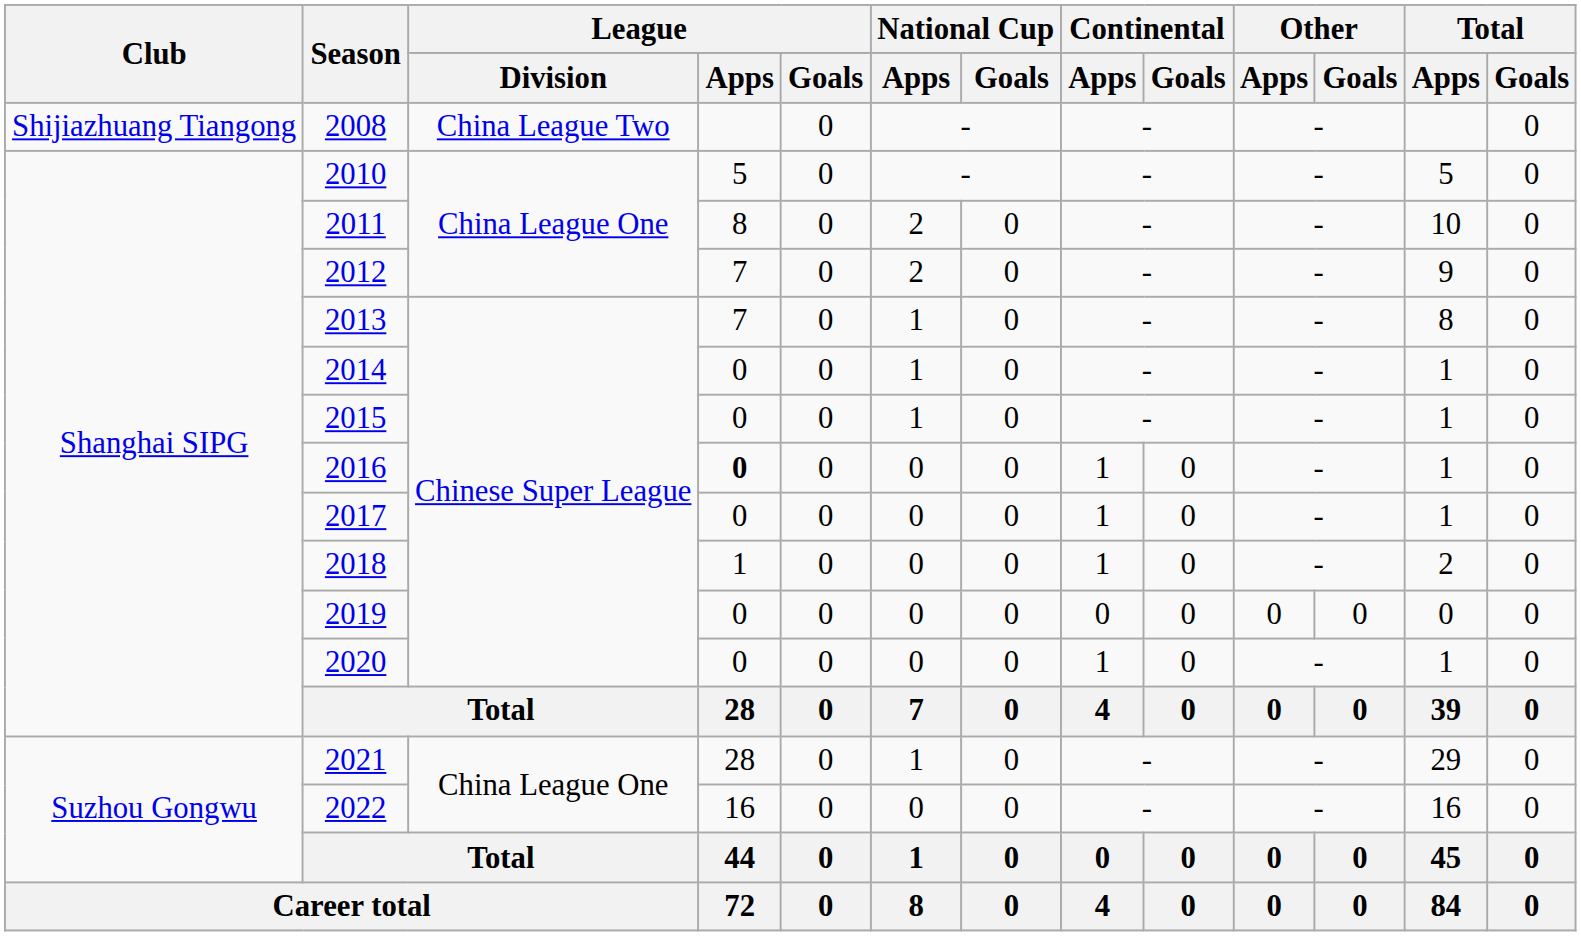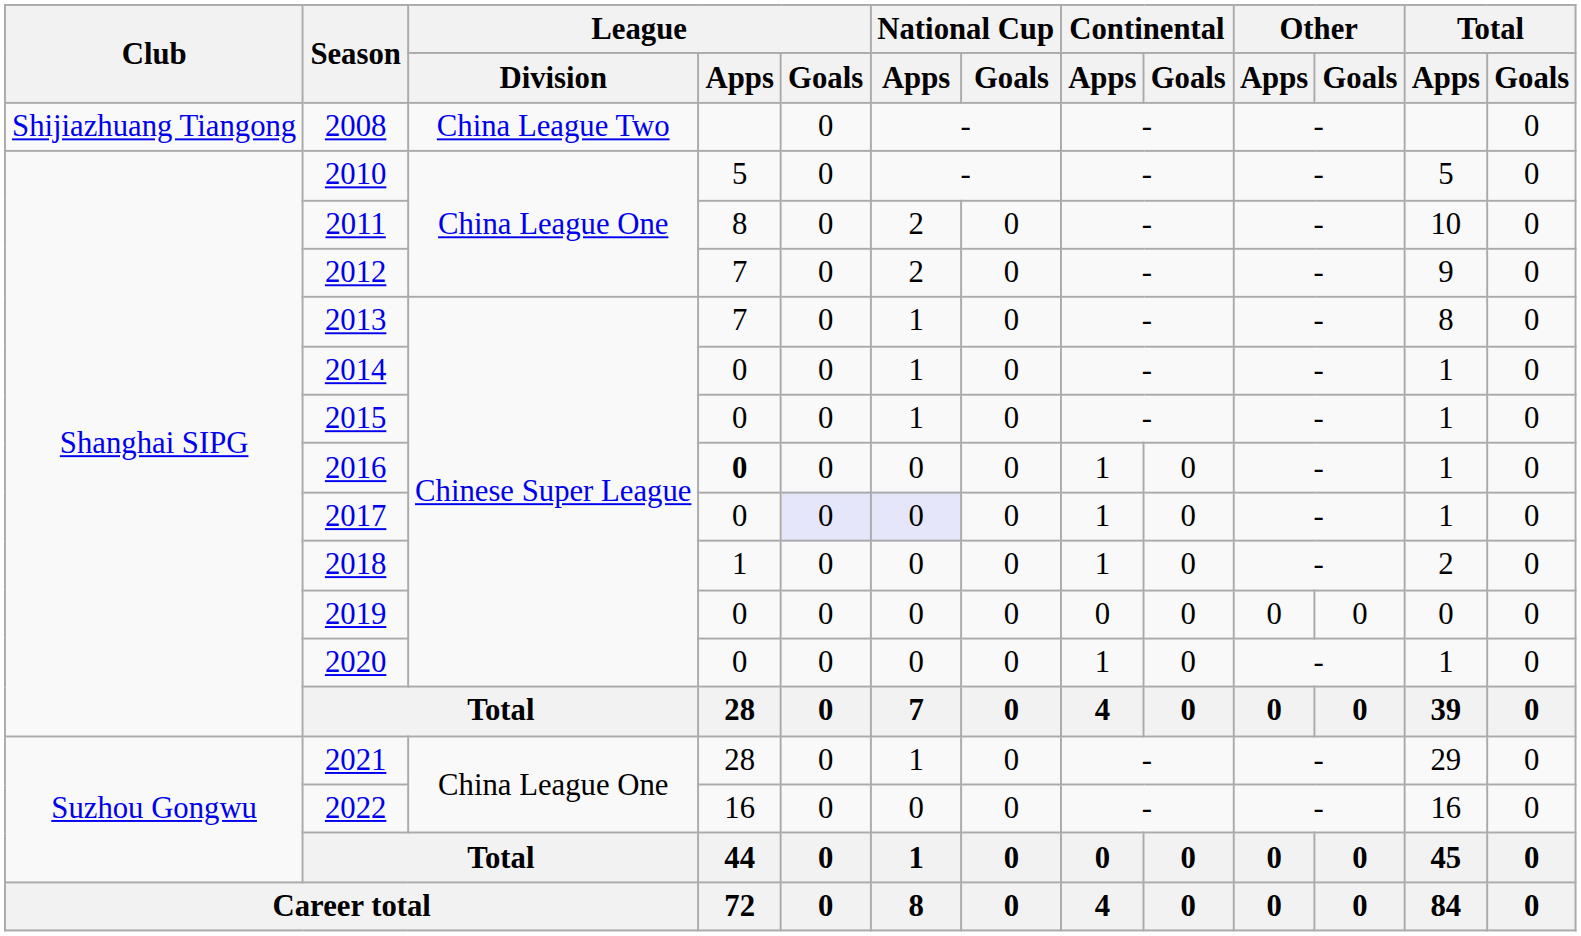 <table class="wikitable" style="text-align: center">
 <tr>
 <th rowspan="2">Club</th>
 <th rowspan="2">Season</th>
 <th colspan="3">League</th>
 <th colspan="2">National Cup</th>
 <th colspan="2">Continental</th>
 <th colspan="2">Other</th>
 <th colspan="2">Total</th>
 </tr>
 <tr>
 <th>Division</th>
 <th>Apps</th>
 <th>Goals</th>
 <th>Apps</th>
 <th>Goals</th>
 <th>Apps</th>
 <th>Goals</th>
 <th>Apps</th>
 <th>Goals</th>
 <th>Apps</th>
 <th>Goals</th>
 </tr>
 <tr>
 <td><a href='#'>Shijiazhuang Tiangong</a></td>
 <td><a href='#'>2008</a></td>
 <td><a href='#'>China League Two</a></td>
 <td></td>
 <td>0</td>
 <td colspan="2">-</td>
 <td colspan="2">-</td>
 <td colspan="2">-</td>
 <td></td>
 <td>0</td>
 </tr>
 <tr>
 <td rowspan="12"><a href='#'>Shanghai SIPG</a></td>
 <td><a href='#'>2010</a></td>
 <td rowspan="3"><a href='#'>China League One</a></td>
 <td>5</td>
 <td>0</td>
 <td colspan="2">-</td>
 <td colspan="2">-</td>
 <td colspan="2">-</td>
 <td>5</td>
 <td>0</td>
 </tr>
 <tr>
 <td><a href='#'>2011</a></td>
 <td>8</td>
 <td>0</td>
 <td>2</td>
 <td>0</td>
 <td colspan="2">-</td>
 <td colspan="2">-</td>
 <td>10</td>
 <td>0</td>
 </tr>
 <tr>
 <td><a href='#'>2012</a></td>
 <td>7</td>
 <td>0</td>
 <td>2</td>
 <td>0</td>
 <td colspan="2">-</td>
 <td colspan="2">-</td>
 <td>9</td>
 <td>0</td>
 </tr>
 <tr>
 <td><a href='#'>2013</a></td>
 <td rowspan=8><a href='#'>Chinese Super League</a></td>
 <td>7</td>
 <td>0</td>
 <td>1</td>
 <td>0</td>
 <td colspan="2">-</td>
 <td colspan="2">-</td>
 <td>8</td>
 <td>0</td>
 </tr>
 <tr>
 <td><a href='#'>2014</a></td>
 <td>0</td>
 <td>0</td>
 <td>1</td>
 <td>0</td>
 <td colspan="2">-</td>
 <td colspan="2">-</td>
 <td>1</td>
 <td>0</td>
 </tr>
 <tr>
 <td><a href='#'>2015</a></td>
 <td>0</td>
 <td>0</td>
 <td>1</td>
 <td>0</td>
 <td colspan="2">-</td>
 <td colspan="2">-</td>
 <td>1</td>
 <td>0</td>
 </tr>
 <tr>
 <td><a href='#'>2016</a></td>
 <td><strong>0</strong></td>
 <td>0</td>
 <td>0</td>
 <td>0</td>
 <td>1</td>
 <td>0</td>
 <td colspan="2">-</td>
 <td>1</td>
 <td>0</td>
 </tr>
 <tr>
 <td><a href='#'>2017</a></td>
 <td>0</td>
-<td>0</td>
-<td>0</td>
+<td style="background: lavender;">0</td>
+<td style="background: lavender;">0</td>
 <td>0</td>
 <td>1</td>
 <td>0</td>
 <td colspan="2">-</td>
 <td>1</td>
 <td>0</td>
 </tr>
 <tr>
 <td><a href='#'>2018</a></td>
 <td>1</td>
 <td>0</td>
 <td>0</td>
 <td>0</td>
 <td>1</td>
 <td>0</td>
 <td colspan="2">-</td>
 <td>2</td>
 <td>0</td>
 </tr>
 <tr>
 <td><a href='#'>2019</a></td>
 <td>0</td>
 <td>0</td>
 <td>0</td>
 <td>0</td>
 <td>0</td>
 <td>0</td>
 <td>0</td>
 <td>0</td>
 <td>0</td>
 <td>0</td>
 </tr>
 <tr>
 <td><a href='#'>2020</a></td>
 <td>0</td>
 <td>0</td>
 <td>0</td>
 <td>0</td>
 <td>1</td>
 <td>0</td>
 <td colspan="2">-</td>
 <td>1</td>
 <td>0</td>
 </tr>
 <tr>
 <th colspan=2>Total</th>
 <th>28</th>
 <th>0</th>
 <th>7</th>
 <th>0</th>
 <th>4</th>
 <th>0</th>
 <th>0</th>
 <th>0</th>
 <th>39</th>
 <th>0</th>
 </tr>
 <tr>
 <td rowspan="3"><a href='#'>Suzhou Gongwu</a></td>
 <td><a href='#'>2021</a></td>
 <td rowspan="2">China League One</td>
 <td>28</td>
 <td>0</td>
 <td>1</td>
 <td>0</td>
 <td colspan="2">-</td>
 <td colspan="2">-</td>
 <td>29</td>
 <td>0</td>
 </tr>
 <tr>
 <td><a href='#'>2022</a></td>
 <td>16</td>
 <td>0</td>
 <td>0</td>
 <td>0</td>
 <td colspan="2">-</td>
 <td colspan="2">-</td>
 <td>16</td>
 <td>0</td>
 </tr>
 <tr>
 <th colspan=2>Total</th>
 <th>44</th>
 <th>0</th>
 <th>1</th>
 <th>0</th>
 <th>0</th>
 <th>0</th>
 <th>0</th>
 <th>0</th>
 <th>45</th>
 <th>0</th>
 </tr>
 <tr>
 <th colspan=3>Career total</th>
 <th>72</th>
 <th>0</th>
 <th>8</th>
 <th>0</th>
 <th>4</th>
 <th>0</th>
 <th>0</th>
 <th>0</th>
 <th>84</th>
 <th>0</th>
 </tr>
 </table>
